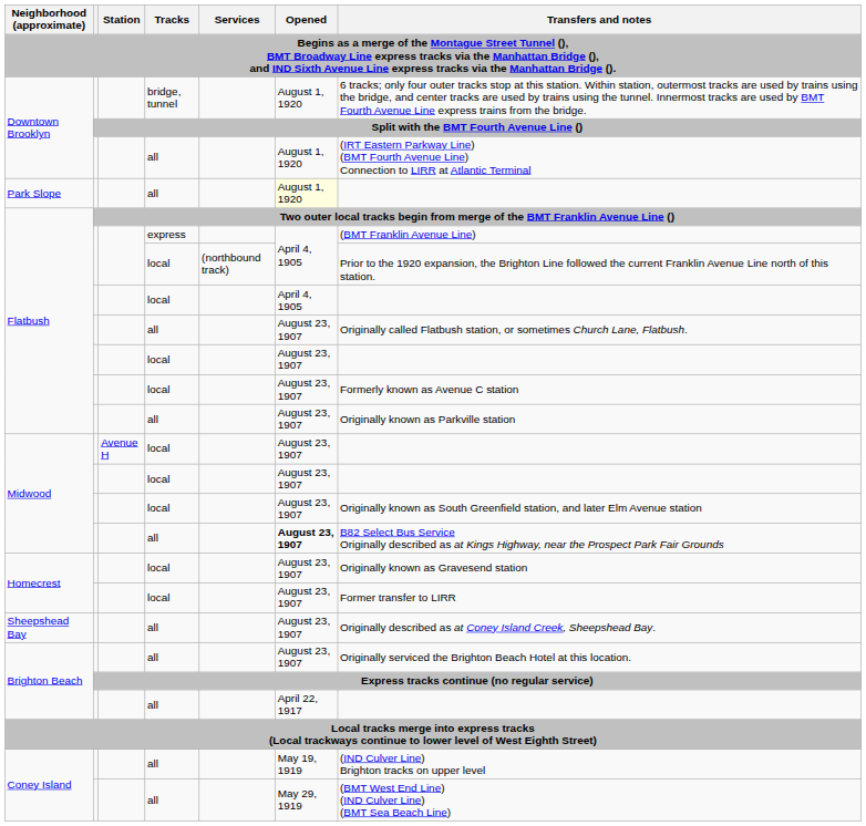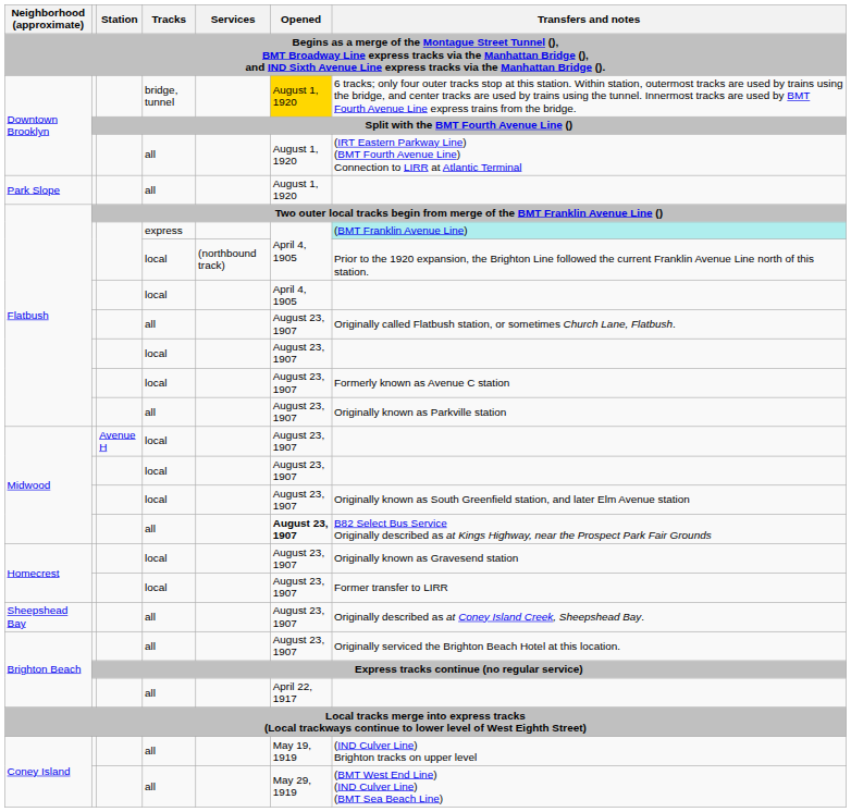 <table class="wikitable">
 <tr>
 <th>Neighborhood<br>(approximate)</th>
 <th></th>
 <th>Station</th>
 <th>Tracks</th>
 <th>Services</th>
 <th>Opened</th>
 <th>Transfers and notes</th>
 </tr>
 <tr>
 <th colspan="7" style="background-color: silver;">Begins as a merge of the <a href='#'>Montague Street Tunnel</a> (),<br><a href='#'>BMT Broadway Line</a> express tracks via the <a href='#'>Manhattan Bridge</a> (),<br>and <a href='#'>IND Sixth Avenue Line</a> express tracks via the <a href='#'>Manhattan Bridge</a> ().</th>
 </tr>
 <tr>
 <td rowspan=3><a href='#'>Downtown Brooklyn</a></td>
 <td></td>
 <td></td>
 <td>bridge, tunnel</td>
 <td></td>
-<td>August 1, 1920</td>
+<td style="background: gold;">August 1, 1920</td>
 <td>6 tracks; only four outer tracks stop at this station. Within station, outermost tracks are used by trains using the bridge, and center tracks are used by trains using the tunnel. Innermost tracks are used by <a href='#'>BMT Fourth Avenue Line</a> express trains from the bridge.</td>
 </tr>
 <tr>
 <th colspan=7 style="background-color: silver;">Split with the <a href='#'>BMT Fourth Avenue Line</a> ()</th>
 </tr>
 <tr>
 <td></td>
 <td></td>
 <td>all</td>
 <td></td>
 <td>August 1, 1920</td>
 <td> (<a href='#'>IRT Eastern Parkway Line</a>)<br> (<a href='#'>BMT Fourth Avenue Line</a>)<br>Connection to <a href='#'>LIRR</a> at <a href='#'>Atlantic Terminal</a></td>
 </tr>
 <tr>
 <td rowspan=1><a href='#'>Park Slope</a></td>
 <td></td>
 <td></td>
 <td>all</td>
 <td></td>
-<td style="background: lightyellow;">August 1, 1920</td>
+<td>August 1, 1920</td>
 <td></td>
 </tr>
 <tr>
 <td rowspan=8><a href='#'>Flatbush</a></td>
 <th colspan=6 style="background-color: silver;">Two outer local tracks begin from merge of the <a href='#'>BMT Franklin Avenue Line</a> ()</th>
 </tr>
 <tr>
 <td rowspan=2></td>
 <td rowspan=2></td>
 <td>express</td>
 <td><br></td>
 <td rowspan=2>April 4, 1905</td>
-<td> (<a href='#'>BMT Franklin Avenue Line</a>)</td>
+<td style="background: paleturquoise;"> (<a href='#'>BMT Franklin Avenue Line</a>)</td>
 </tr>
 <tr>
 <td>local</td>
 <td> (northbound track)</td>
 <td><br>Prior to the 1920 expansion, the Brighton Line followed the current Franklin Avenue Line north of this station.</td>
 </tr>
 <tr>
 <td></td>
 <td></td>
 <td>local</td>
 <td></td>
 <td>April 4, 1905</td>
 <td></td>
 </tr>
 <tr>
 <td></td>
 <td></td>
 <td>all</td>
 <td></td>
 <td>August 23, 1907</td>
 <td>Originally called Flatbush station, or sometimes <em>Church Lane, Flatbush</em>.<br></td>
 </tr>
 <tr>
 <td></td>
 <td></td>
 <td>local</td>
 <td></td>
 <td>August 23, 1907</td>
 <td></td>
 </tr>
 <tr>
 <td></td>
 <td></td>
 <td>local</td>
 <td></td>
 <td>August 23, 1907</td>
 <td>Formerly known as Avenue C station</td>
 </tr>
 <tr>
 <td></td>
 <td></td>
 <td>all</td>
 <td></td>
 <td>August 23, 1907</td>
 <td>Originally known as Parkville station</td>
 </tr>
 <tr>
 <td rowspan=4><a href='#'>Midwood</a></td>
 <td></td>
 <td><a href='#'>Avenue H</a></td>
 <td>local</td>
 <td></td>
 <td>August 23, 1907</td>
 <td></td>
 </tr>
 <tr>
 <td></td>
 <td></td>
 <td>local</td>
 <td></td>
 <td>August 23, 1907</td>
 <td></td>
 </tr>
 <tr>
 <td></td>
 <td></td>
 <td>local</td>
 <td></td>
 <td>August 23, 1907</td>
 <td>Originally known as South Greenfield station, and later Elm Avenue station</td>
 </tr>
 <tr>
 <td></td>
 <td></td>
 <td>all</td>
 <td></td>
 <td><strong>August 23, 1907</strong></td>
 <td><a href='#'>B82 Select Bus Service</a><br>Originally described as <em>at Kings Highway, near the Prospect Park Fair Grounds</em></td>
 </tr>
 <tr>
 <td rowspan=2><a href='#'>Homecrest</a></td>
 <td></td>
 <td></td>
 <td>local</td>
 <td></td>
 <td>August 23, 1907</td>
 <td>Originally known as Gravesend station</td>
 </tr>
 <tr>
 <td></td>
 <td></td>
 <td>local</td>
 <td></td>
 <td>August 23, 1907</td>
 <td>Former transfer to LIRR</td>
 </tr>
 <tr>
 <td rowspan=1><a href='#'>Sheepshead Bay</a></td>
 <td></td>
 <td></td>
 <td>all</td>
 <td></td>
 <td>August 23, 1907</td>
 <td>Originally described as <em>at <a href='#'>Coney Island Creek</a>, Sheepshead Bay</em>.</td>
 </tr>
 <tr>
 <td rowspan=3><a href='#'>Brighton Beach</a></td>
 <td></td>
 <td></td>
 <td>all</td>
 <td></td>
 <td>August 23, 1907</td>
 <td>Originally serviced the Brighton Beach Hotel at this location.</td>
 </tr>
 <tr>
 <th colspan=6 style="background-color: silver;">Express tracks continue (no regular service)</th>
 </tr>
 <tr>
 <td></td>
 <td></td>
 <td>all</td>
 <td></td>
 <td>April 22, 1917</td>
 <td></td>
 </tr>
 <tr>
 <th colspan=7 style="background-color: silver;">Local tracks merge into express tracks<br>(Local trackways continue to lower level of West Eighth Street)</th>
 </tr>
 <tr>
 <td rowspan=2><a href='#'>Coney Island</a></td>
 <td></td>
 <td></td>
 <td>all</td>
 <td></td>
 <td>May 19, 1919</td>
 <td> (<a href='#'>IND Culver Line</a>)<br>Brighton tracks on upper level</td>
 </tr>
 <tr>
 <td></td>
 <td></td>
 <td>all</td>
 <td></td>
 <td>May 29, 1919</td>
 <td> (<a href='#'>BMT West End Line</a>)<br> (<a href='#'>IND Culver Line</a>)<br> (<a href='#'>BMT Sea Beach Line</a>)</td>
 </tr>
 </table>
